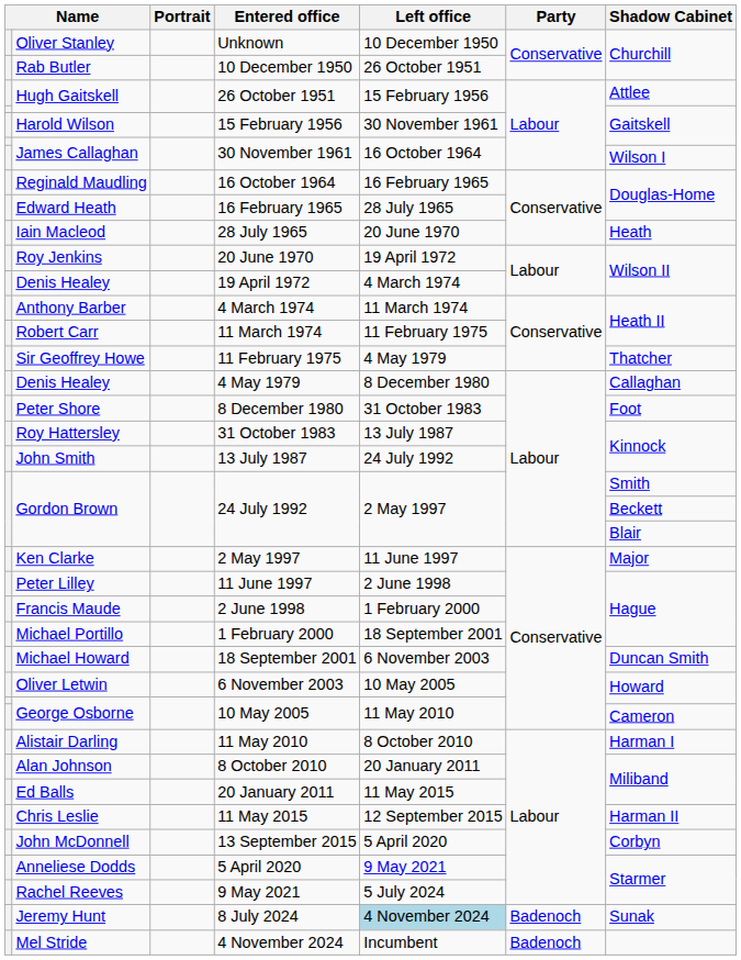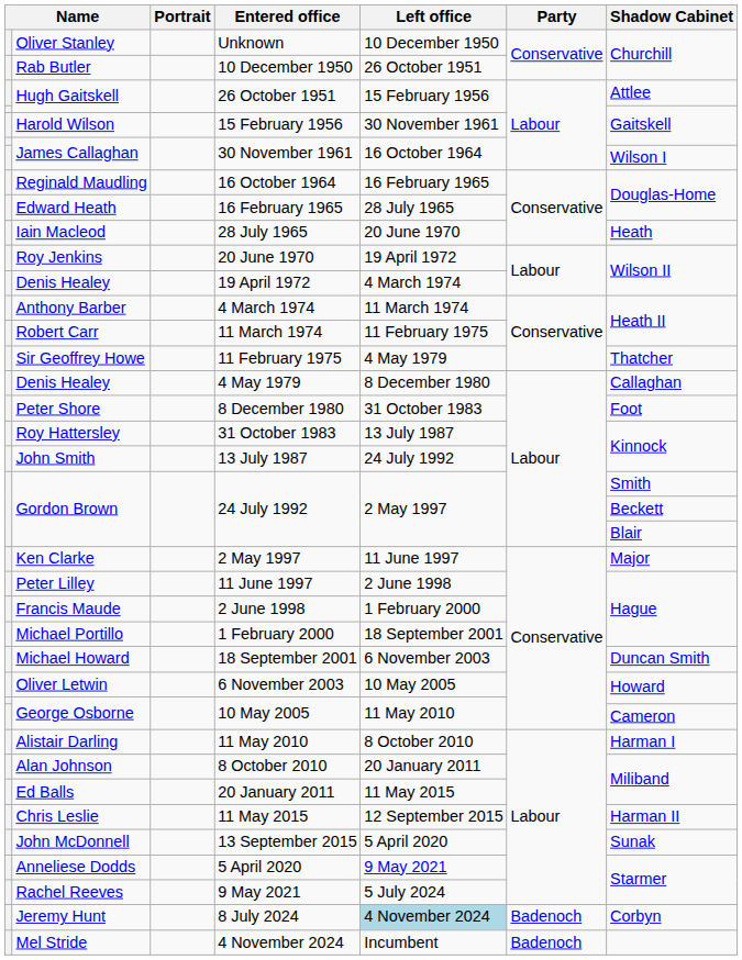 <table class="wikitable">
 <tr>
 <th colspan=2>Name</th>
 <th width=50>Portrait</th>
 <th>Entered office</th>
 <th>Left office</th>
 <th>Party</th>
 <th>Shadow Cabinet</th>
 </tr>
 <tr>
 <th style="background-color: "></th>
 <td><a href='#'>Oliver Stanley</a></td>
 <td></td>
 <td>Unknown</td>
 <td>10 December 1950</td>
 <td rowspan="2" ><a href='#'>Conservative</a></td>
 <td rowspan="2" ><a href='#'>Churchill</a></td>
 </tr>
 <tr>
 <th style="background-color: "></th>
 <td><a href='#'>Rab Butler</a></td>
 <td></td>
 <td>10 December 1950</td>
 <td>26 October 1951</td>
 </tr>
 <tr>
 <th style="background-color: "></th>
 <td rowspan="2"><a href='#'>Hugh Gaitskell</a></td>
 <td rowspan="2"></td>
 <td rowspan="2">26 October 1951</td>
 <td rowspan="2">15 February 1956</td>
 <td rowspan="5" ><a href='#'>Labour</a></td>
 <td><a href='#'>Attlee</a></td>
 </tr>
 <tr>
 <th style="background-color: "></th>
 <td rowspan="3" ><a href='#'>Gaitskell</a></td>
 </tr>
 <tr>
 <th style="background-color: "></th>
 <td><a href='#'>Harold Wilson</a></td>
 <td></td>
 <td>15 February 1956</td>
 <td>30 November 1961</td>
 </tr>
 <tr>
 <th style="background-color: "></th>
 <td rowspan="2"><a href='#'>James Callaghan</a></td>
 <td rowspan="2"></td>
 <td rowspan="2">30 November 1961</td>
 <td rowspan="2">16 October 1964</td>
 </tr>
 <tr>
 <th style="background-color: "></th>
 <td><a href='#'>Wilson I</a></td>
 </tr>
 <tr>
 <th style="background-color: "></th>
 <td><a href='#'>Reginald Maudling</a></td>
 <td></td>
 <td>16 October 1964</td>
 <td>16 February 1965</td>
 <td rowspan="3" >Conservative</td>
 <td rowspan="2" ><a href='#'>Douglas-Home</a></td>
 </tr>
 <tr>
 <th style="background-color: "></th>
 <td><a href='#'>Edward Heath</a></td>
 <td></td>
 <td>16 February 1965</td>
 <td>28 July 1965</td>
 </tr>
 <tr>
 <th style="background-color: "></th>
 <td><a href='#'>Iain Macleod</a></td>
 <td></td>
 <td>28 July 1965</td>
 <td>20 June 1970</td>
 <td><a href='#'>Heath</a></td>
 </tr>
 <tr>
 <th style="background-color: "></th>
 <td><a href='#'>Roy Jenkins</a></td>
 <td></td>
 <td>20 June 1970</td>
 <td>19 April 1972</td>
 <td rowspan="2" >Labour</td>
 <td rowspan="2" ><a href='#'>Wilson II</a></td>
 </tr>
 <tr>
 <th style="background-color: "></th>
 <td><a href='#'>Denis Healey</a></td>
 <td></td>
 <td>19 April 1972</td>
 <td>4 March 1974</td>
 </tr>
 <tr>
 <th style="background-color: "></th>
 <td><a href='#'>Anthony Barber</a></td>
 <td></td>
 <td>4 March 1974</td>
 <td>11 March 1974</td>
 <td rowspan="3" >Conservative</td>
 <td rowspan="2" ><a href='#'>Heath II</a></td>
 </tr>
 <tr>
 <th style="background-color: "></th>
 <td><a href='#'>Robert Carr</a></td>
 <td></td>
 <td>11 March 1974</td>
 <td>11 February 1975</td>
 </tr>
 <tr>
 <th style="background-color: "></th>
 <td><a href='#'>Sir Geoffrey Howe</a></td>
 <td></td>
 <td>11 February 1975</td>
 <td>4 May 1979</td>
 <td><a href='#'>Thatcher</a></td>
 </tr>
 <tr>
 <th style="background-color: "></th>
 <td><a href='#'>Denis Healey</a></td>
 <td></td>
 <td>4 May 1979</td>
 <td>8 December 1980</td>
 <td rowspan="7" >Labour</td>
 <td><a href='#'>Callaghan</a></td>
 </tr>
 <tr>
 <th style="background-color: "></th>
 <td><a href='#'>Peter Shore</a></td>
 <td></td>
 <td>8 December 1980</td>
 <td>31 October 1983</td>
 <td><a href='#'>Foot</a></td>
 </tr>
 <tr>
 <th style="background-color: "></th>
 <td><a href='#'>Roy Hattersley</a></td>
 <td></td>
 <td>31 October 1983</td>
 <td>13 July 1987</td>
 <td rowspan="2" ><a href='#'>Kinnock</a></td>
 </tr>
 <tr>
 <th style="background-color: "></th>
 <td><a href='#'>John Smith</a></td>
 <td></td>
 <td>13 July 1987</td>
 <td>24 July 1992</td>
 </tr>
 <tr>
 <th rowspan=3 style="background-color: "></th>
 <td rowspan=3><a href='#'>Gordon Brown</a></td>
 <td rowspan=3></td>
 <td rowspan=3>24 July 1992</td>
 <td rowspan=3>2 May 1997</td>
 <td><a href='#'>Smith</a></td>
 </tr>
 <tr>
 <td><a href='#'>Beckett</a></td>
 </tr>
 <tr>
 <td><a href='#'>Blair</a></td>
 </tr>
 <tr>
 <th style="background-color: "></th>
 <td><a href='#'>Ken Clarke</a></td>
 <td></td>
 <td>2 May 1997</td>
 <td>11 June 1997</td>
 <td rowspan="8" >Conservative</td>
 <td><a href='#'>Major</a></td>
 </tr>
 <tr>
 <th style="background-color: "></th>
 <td><a href='#'>Peter Lilley</a></td>
 <td></td>
 <td>11 June 1997</td>
 <td>2 June 1998</td>
 <td rowspan="3" ><a href='#'>Hague</a></td>
 </tr>
 <tr>
 <th style="background-color: "></th>
 <td><a href='#'>Francis Maude</a></td>
 <td></td>
 <td>2 June 1998</td>
 <td>1 February 2000</td>
 </tr>
 <tr>
 <th style="background-color: "></th>
 <td><a href='#'>Michael Portillo</a></td>
 <td></td>
 <td>1 February 2000</td>
 <td nowrap>18 September 2001</td>
 </tr>
 <tr>
 <th style="background-color: "></th>
 <td><a href='#'>Michael Howard</a></td>
 <td></td>
 <td nowrap>18 September 2001</td>
 <td>6 November 2003</td>
 <td><a href='#'>Duncan Smith</a></td>
 </tr>
 <tr>
 <th style="background-color: "></th>
 <td><a href='#'>Oliver Letwin</a></td>
 <td></td>
 <td>6 November 2003</td>
 <td>10 May 2005</td>
 <td rowspan="2" ><a href='#'>Howard</a></td>
 </tr>
 <tr>
 <th style="background-color: "></th>
 <td rowspan="2"><a href='#'>George Osborne</a></td>
 <td rowspan="2"></td>
 <td rowspan="2">10 May 2005</td>
 <td rowspan="2">11 May 2010</td>
 </tr>
 <tr>
 <th style="background-color: "></th>
 <td><a href='#'>Cameron</a></td>
 </tr>
 <tr>
 <th style="background-color: "></th>
 <td><a href='#'>Alistair Darling</a></td>
 <td></td>
 <td>11 May 2010</td>
 <td>8 October 2010</td>
 <td rowspan="7" >Labour</td>
 <td><a href='#'>Harman I</a></td>
 </tr>
 <tr>
 <th style="background-color: "></th>
 <td><a href='#'>Alan Johnson</a></td>
 <td></td>
 <td>8 October 2010</td>
 <td>20 January 2011</td>
 <td rowspan="2" ><a href='#'>Miliband</a></td>
 </tr>
 <tr>
 <th style="background-color: "></th>
 <td><a href='#'>Ed Balls</a></td>
 <td></td>
 <td>20 January 2011</td>
 <td>11 May 2015</td>
 </tr>
 <tr>
 <th style="background-color: "></th>
 <td><a href='#'>Chris Leslie</a></td>
 <td></td>
 <td>11 May 2015</td>
 <td>12 September 2015</td>
 <td><a href='#'>Harman II</a></td>
 </tr>
 <tr>
 <th style="background-color: "></th>
 <td><a href='#'>John McDonnell</a></td>
 <td></td>
 <td>13 September 2015</td>
 <td>5 April 2020</td>
-<td><a href='#'>Corbyn</a></td>
+<td><a href='#'>Sunak</a></td>
 </tr>
 <tr>
 <th style="background-color: "></th>
 <td><a href='#'>Anneliese Dodds</a></td>
 <td></td>
 <td>5 April 2020</td>
 <td><a href='#'>9 May 2021</a></td>
 <td rowspan="2" ><a href='#'>Starmer</a></td>
 </tr>
 <tr>
 <th style="background-color: "></th>
 <td><a href='#'>Rachel Reeves</a></td>
 <td></td>
 <td>9 May 2021</td>
 <td>5 July 2024</td>
 </tr>
 <tr>
 <th style="background-color: "></th>
 <td><a href='#'>Jeremy Hunt</a></td>
 <td></td>
 <td>8 July 2024</td>
 <td style="background: lightblue;">4 November 2024</td>
 <td><a href='#'>Badenoch</a></td>
-<td><a href='#'>Sunak</a></td>
+<td><a href='#'>Corbyn</a></td>
 </tr>
 <tr>
 <th style="background-color: "></th>
 <td><a href='#'>Mel Stride</a></td>
 <td></td>
 <td>4 November 2024</td>
 <td>Incumbent</td>
 <td><a href='#'>Badenoch</a></td>
 </tr>
 </table>
